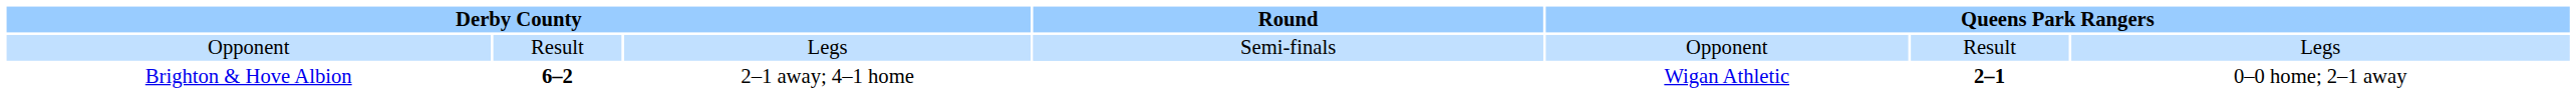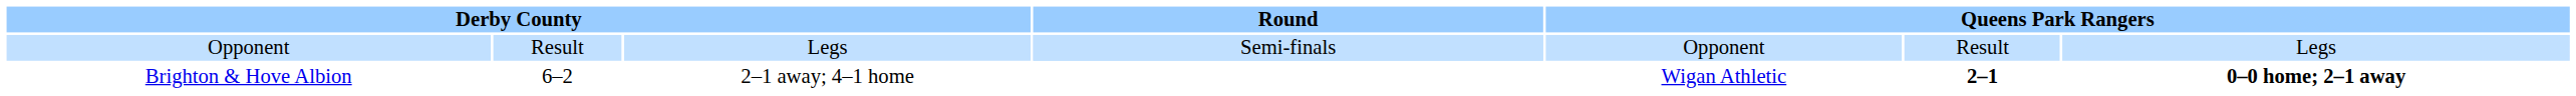 <table width="100%" bgcolor=white>
 <tr valign=top bgcolor=#99ccff>
 <th colspan=3 style="width:40%"><strong>Derby County</strong></th>
 <th width=20%><strong>Round</strong></th>
 <th colspan=3 style="width:40%"><strong> Queens Park Rangers</strong></th>
 </tr>
 <tr valign=top align="center" bgcolor=#c1e0ff>
 <td>Opponent</td>
 <td>Result</td>
 <td>Legs</td>
 <td bgcolor=#c1e0ff>Semi-finals</td>
 <td>Opponent</td>
 <td>Result</td>
 <td>Legs</td>
 </tr>
 <tr align="center">
 <td><a href='#'>Brighton & Hove Albion</a></td>
-<td><strong>6–2</strong></td>
+<td>6–2</td>
 <td>2–1 away; 4–1 home</td>
 <td></td>
 <td><a href='#'>Wigan Athletic</a></td>
 <td><strong>2–1</strong></td>
-<td>0–0 home; 2–1  away</td>
+<td><strong>0–0 home; 2–1  away</strong></td>
 </tr>
 </table>
